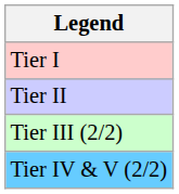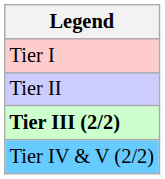 <table class="wikitable" style="font-size:90%;">
 <tr>
 <th>Legend</th>
 </tr>
 <tr>
 <td bgcolor="#ffcccc">Tier I</td>
 </tr>
 <tr>
 <td bgcolor="#ccccff">Tier II</td>
 </tr>
 <tr>
-<td bgcolor="#CCFFCC">Tier III (2/2)</td>
+<td bgcolor="#CCFFCC"><strong>Tier III (2/2)</strong></td>
 </tr>
 <tr>
 <td style="background:#66ccff;">Tier IV & V (2/2)</td>
 </tr>
 </table>
